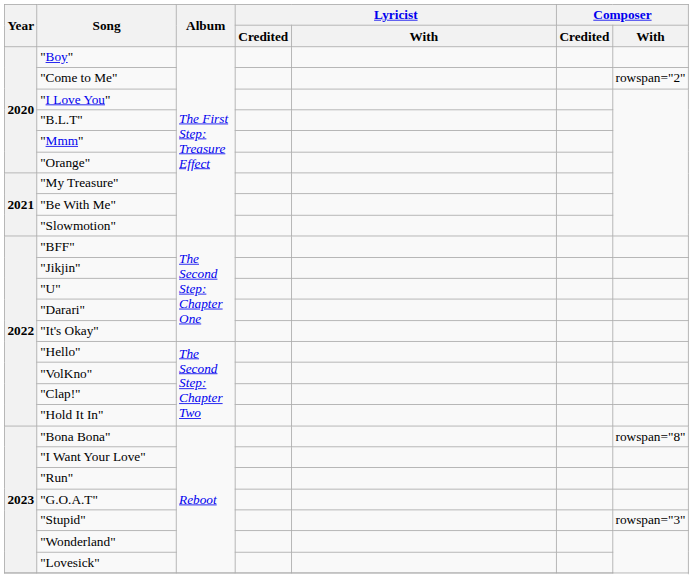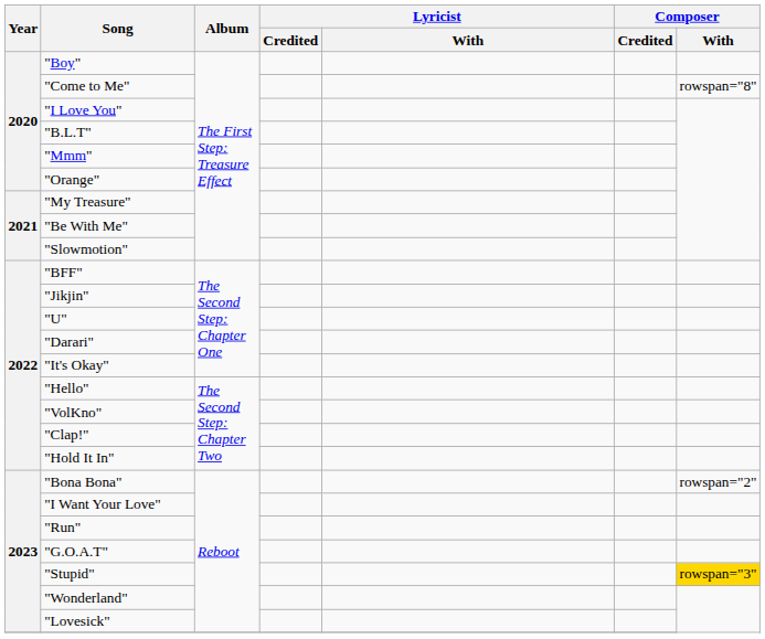 <table class="wikitable sortable plainrowheaders">
 <tr>
 <th rowspan="2">Year</th>
 <th rowspan="2" style="width:10em;">Song</th>
 <th rowspan="2" style="width:4em;">Album</th>
 <th colspan="2"><a href='#'>Lyricist</a></th>
 <th colspan="2"><a href='#'>Composer</a></th>
 </tr>
 <tr>
 <th>Credited</th>
 <th style="width:19.5em;">With</th>
 <th>Credited</th>
 <th>With</th>
 </tr>
 <tr>
 <th scope="row" rowspan="6">2020</th>
 <td>"<a href='#'>Boy</a>"</td>
 <td rowspan="9"><em><a href='#'>The First Step: Treasure Effect</a></em></td>
 <td></td>
 <td style="text-align:center"></td>
 <td></td>
 <td style="text-align:center"></td>
 </tr>
 <tr>
 <td>"Come to Me" </td>
 <td></td>
 <td style="text-align:center"></td>
 <td></td>
-<td>rowspan="2" </td>
+<td>rowspan="8" </td>
 </tr>
 <tr>
 <td>"<a href='#'>I Love You</a>" </td>
 <td></td>
 <td style="text-align:center"></td>
 <td></td>
 </tr>
 <tr>
 <td>"B.L.T" </td>
 <td></td>
 <td style="text-align:center"></td>
 <td></td>
 </tr>
 <tr>
 <td>"<a href='#'>Mmm</a>" </td>
 <td></td>
 <td style="text-align:center"></td>
 <td></td>
 </tr>
 <tr>
 <td>"Orange" </td>
 <td></td>
 <td style="text-align:center"></td>
 <td></td>
 </tr>
 <tr>
 <th scope="row" rowspan="3">2021</th>
 <td>"My Treasure"</td>
 <td></td>
 <td style="text-align:center"></td>
 <td></td>
 </tr>
 <tr>
 <td>"Be With Me" </td>
 <td></td>
 <td style="text-align:center"></td>
 <td></td>
 </tr>
 <tr>
 <td>"Slowmotion"</td>
 <td></td>
 <td style="text-align:center"></td>
 <td></td>
 </tr>
 <tr>
 <th rowspan="9" scope="row">2022</th>
 <td>"BFF"</td>
 <td rowspan="5"><em><a href='#'>The Second Step: Chapter One</a></em></td>
 <td></td>
 <td style="text-align:center"></td>
 <td></td>
 <td style="text-align:center"></td>
 </tr>
 <tr>
 <td>"Jikjin" </td>
 <td></td>
 <td style="text-align:center"></td>
 <td></td>
 <td style="text-align:center"></td>
 </tr>
 <tr>
 <td>"U"</td>
 <td></td>
 <td style="text-align:center"></td>
 <td></td>
 <td style="text-align:center"></td>
 </tr>
 <tr>
 <td>"Darari" </td>
 <td></td>
 <td style="text-align:center"></td>
 <td></td>
 <td style="text-align:center"></td>
 </tr>
 <tr>
 <td>"It's Okay" </td>
 <td></td>
 <td style="text-align:center"></td>
 <td></td>
 <td></td>
 </tr>
 <tr>
 <td>"Hello"</td>
 <td rowspan="4"><em><a href='#'>The Second Step: Chapter Two</a></em></td>
 <td></td>
 <td style="text-align:center"></td>
 <td></td>
 <td style="text-align:center"></td>
 </tr>
 <tr>
 <td>"VolKno"</td>
 <td></td>
 <td style="text-align:center"></td>
 <td></td>
 <td style="text-align:center"></td>
 </tr>
 <tr>
 <td>"Clap!"</td>
 <td></td>
 <td style="text-align:center"></td>
 <td></td>
 <td></td>
 </tr>
 <tr>
 <td>"Hold It In"</td>
 <td></td>
 <td></td>
 <td></td>
 <td style="text-align:center"></td>
 </tr>
 <tr>
 <th rowspan="7" scope="row">2023</th>
 <td>"Bona Bona"</td>
 <td rowspan="7"><em><a href='#'>Reboot</a></em></td>
 <td></td>
 <td style="text-align:center"></td>
 <td></td>
-<td>rowspan="8" </td>
+<td>rowspan="2" </td>
 </tr>
 <tr>
 <td>"I Want Your Love"</td>
 <td></td>
 <td style="text-align:center"></td>
 <td></td>
 </tr>
 <tr>
 <td>"Run"</td>
 <td></td>
 <td style="text-align:center"></td>
 <td></td>
 <td style="text-align:center"></td>
 </tr>
 <tr>
 <td>"G.O.A.T"</td>
 <td></td>
 <td style="text-align:center"></td>
 <td></td>
 <td style="text-align:center"></td>
 </tr>
 <tr>
 <td>"Stupid" </td>
 <td></td>
 <td style="text-align:center"></td>
 <td></td>
-<td>rowspan="3" </td>
+<td style="background: gold;">rowspan="3" </td>
 </tr>
 <tr>
 <td>"Wonderland"</td>
 <td></td>
 <td style="text-align:center"></td>
 <td></td>
 </tr>
 <tr>
 <td>"Lovesick" </td>
 <td></td>
 <td style="text-align:center"></td>
 <td></td>
 </tr>
 <tr>
 </tr>
 </table>
